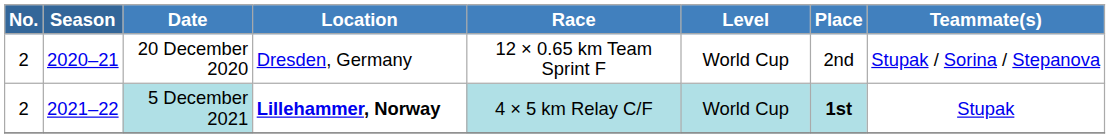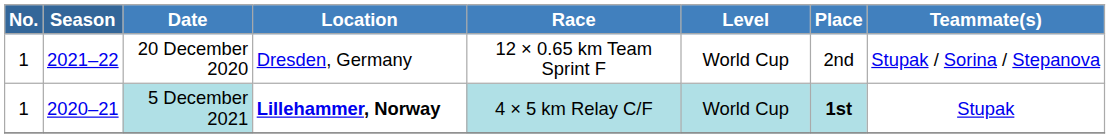 <table class="wikitable sortable" style="font-size:95%; text-align:center; border:grey solid 1px; border-collapse:collapse; background:#ffffff;">
 <tr style="background:#efefef;">
 <th style="background-color:#369; color:white;">No.</th>
 <th style="background-color:#369; color:white;">Season</th>
 <th style="background-color:#4180be; color:white; width:100px;">Date</th>
 <th style="background-color:#4180be; color:white; width:170px;">Location</th>
 <th style="background-color:#4180be; color:white; width:170px;">Race</th>
 <th style="background-color:#4180be; color:white; width:100px;">Level</th>
 <th style="background-color:#4180be; color:white;">Place</th>
 <th style="background-color:#4180be; color:white;">Teammate(s)</th>
 </tr>
 <tr>
-<td align=center>2</td>
-<td align=center><a href='#'>2020–21</a></td>
+<td align=center>1</td>
+<td align=center><a href='#'>2021–22</a></td>
 <td align=right>20 December 2020</td>
 <td align=left> <a href='#'>Dresden</a>, Germany</td>
 <td>12 × 0.65 km Team Sprint F</td>
 <td>World Cup</td>
 <td>2nd</td>
 <td><a href='#'>Stupak</a> / <a href='#'>Sorina</a> / <a href='#'>Stepanova</a></td>
 </tr>
 <tr>
-<td align=center>2</td>
-<td align=center><a href='#'>2021–22</a></td>
+<td align=center>1</td>
+<td align=center><a href='#'>2020–21</a></td>
 <td bgcolor="#BOEOE6" align=right>5 December 2021</td>
 <td align=left><strong> <a href='#'>Lillehammer</a>, Norway</strong></td>
 <td bgcolor="#BOEOE6">4 × 5 km Relay C/F</td>
 <td bgcolor="#BOEOE6">World Cup</td>
 <td bgcolor="#BOEOE6"><strong>1st</strong></td>
 <td><a href='#'>Stupak</a></td>
 </tr>
 <tr>
 </tr>
 </table>
